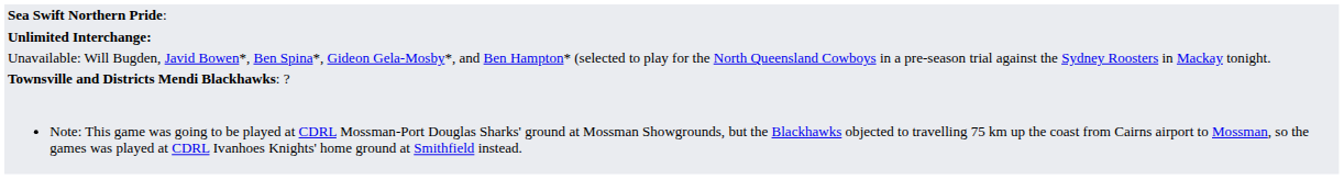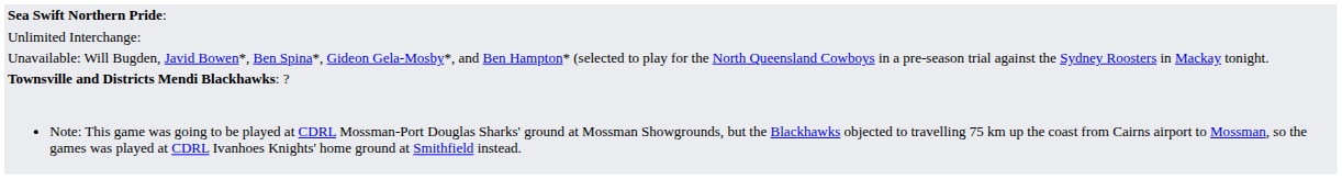 <table style="background:#eaecf0; font-size:85%; width:100%;">
 <tr>
 <td><strong>Sea Swift Northern Pride</strong>:             </td>
 </tr>
 <tr>
-<td><strong>Unlimited Interchange:       </strong></td>
+<td>Unlimited Interchange:       </td>
 </tr>
 <tr>
 <td>Unavailable: Will Bugden, <a href='#'>Javid Bowen</a>*, <a href='#'>Ben Spina</a>*, <a href='#'>Gideon Gela-Mosby</a>*, and <a href='#'>Ben Hampton</a>* (selected to play for the <a href='#'>North Queensland Cowboys</a> in a pre-season trial against the <a href='#'>Sydney Roosters</a> in <a href='#'>Mackay</a> tonight.</td>
 </tr>
 <tr>
 <td><strong>Townsville and Districts Mendi Blackhawks</strong>: ?</td>
 </tr>
 <tr>
 <td><br><ul><li>Note: This game was going to be played at <a href='#'>CDRL</a> Mossman-Port Douglas Sharks' ground at Mossman Showgrounds, but the <a href='#'>Blackhawks</a> objected to travelling 75 km up the coast from Cairns airport to <a href='#'>Mossman</a>, so the games was played at <a href='#'>CDRL</a> Ivanhoes Knights' home ground at <a href='#'>Smithfield</a> instead.</li></ul></td>
 </tr>
 </table>
